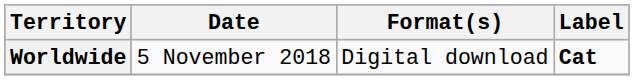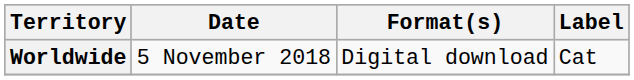 <table class="wikitable plainrowheaders">
 <tr>
 <th scope="col">Territory</th>
 <th scope="col">Date</th>
 <th scope="col">Format(s)</th>
 <th scope="col">Label</th>
 </tr>
 <tr>
 <th scope="row">Worldwide</th>
 <td>5 November 2018</td>
 <td>Digital download</td>
-<td><strong>Cat</strong></td>
+<td>Cat</td>
 </tr>
 <tr>
 </tr>
 </table>
